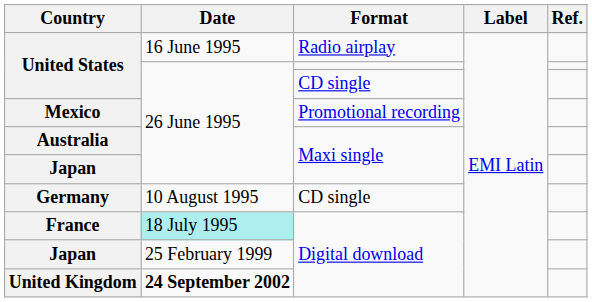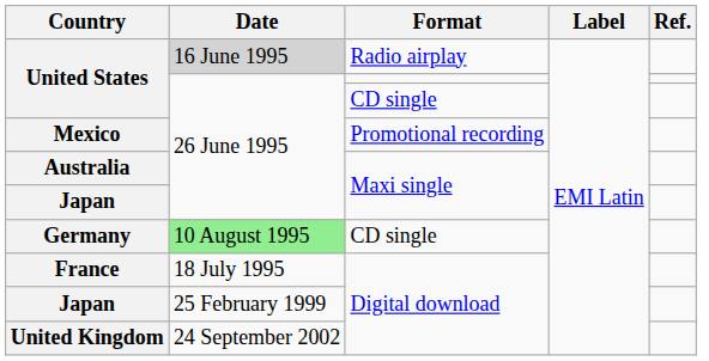 <table class="wikitable plainrowheaders">
 <tr>
 <th scope="col">Country</th>
 <th scope="col">Date</th>
 <th scope="col">Format</th>
 <th scope="col">Label</th>
 <th>Ref.</th>
 </tr>
 <tr>
 <th rowspan="3" scope="row">United States</th>
-<td>16 June 1995</td>
+<td style="background: lightgrey;">16 June 1995</td>
 <td><a href='#'>Radio airplay</a></td>
 <td rowspan="10"><a href='#'>EMI Latin</a></td>
 <td></td>
 </tr>
 <tr>
 <td rowspan="5">26 June 1995</td>
 <td></td>
 <td></td>
 </tr>
 <tr>
 <td><a href='#'>CD single</a></td>
 <td></td>
 </tr>
 <tr>
 <th scope="row">Mexico</th>
 <td><a href='#'>Promotional recording</a></td>
 <td></td>
 </tr>
 <tr>
 <th scope="row">Australia</th>
 <td rowspan="2"><a href='#'>Maxi single</a></td>
 <td></td>
 </tr>
 <tr>
 <th scope="row">Japan</th>
 <td></td>
 </tr>
 <tr>
 <th scope="row">Germany</th>
-<td>10 August 1995</td>
+<td style="background: lightgreen;">10 August 1995</td>
 <td>CD single</td>
 <td></td>
 </tr>
 <tr>
 <th scope="row">France</th>
-<td style="background: paleturquoise;">18 July 1995</td>
+<td>18 July 1995</td>
 <td rowspan="3"><a href='#'>Digital download</a></td>
 <td></td>
 </tr>
 <tr>
 <th scope="row">Japan</th>
 <td>25 February 1999</td>
 <td></td>
 </tr>
 <tr>
 <th scope="row">United Kingdom</th>
-<td><strong>24 September 2002</strong></td>
+<td>24 September 2002</td>
 <td></td>
 </tr>
 </table>
